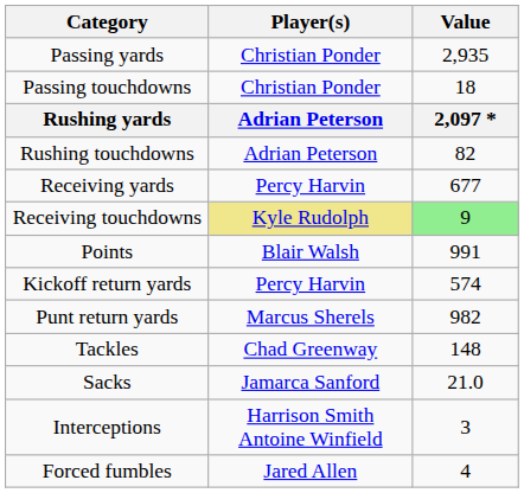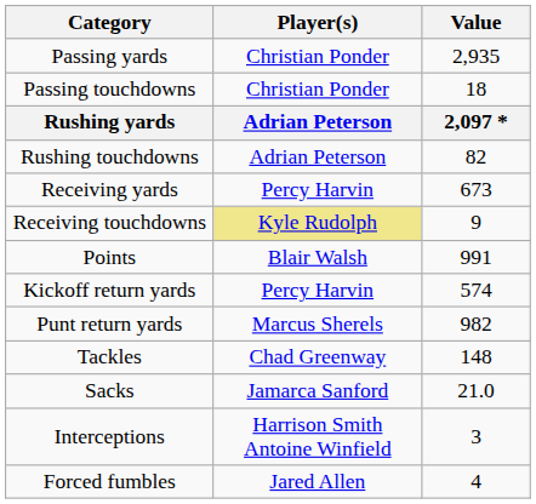 <table class="wikitable" style="text-align:center">
 <tr>
 <th width=150px>Category</th>
 <th width=150px>Player(s)</th>
 <th width=75px>Value</th>
 </tr>
 <tr>
 <td>Passing yards</td>
 <td><a href='#'>Christian Ponder</a></td>
 <td>2,935</td>
 </tr>
 <tr>
 <td>Passing touchdowns</td>
 <td><a href='#'>Christian Ponder</a></td>
 <td>18</td>
 </tr>
 <tr>
 <th>Rushing yards</th>
 <th><a href='#'>Adrian Peterson</a></th>
 <th>2,097 *</th>
 </tr>
 <tr>
 <td>Rushing touchdowns</td>
 <td><a href='#'>Adrian Peterson</a></td>
 <td>82</td>
 </tr>
 <tr>
 <td>Receiving yards</td>
 <td><a href='#'>Percy Harvin</a></td>
-<td>677</td>
+<td>673</td>
 </tr>
 <tr>
 <td>Receiving touchdowns</td>
 <td style="background: khaki;"><a href='#'>Kyle Rudolph</a></td>
-<td style="background: lightgreen;">9</td>
+<td>9</td>
 </tr>
 <tr>
 <td>Points</td>
 <td><a href='#'>Blair Walsh</a></td>
 <td>991</td>
 </tr>
 <tr>
 <td>Kickoff return yards</td>
 <td><a href='#'>Percy Harvin</a></td>
 <td>574</td>
 </tr>
 <tr>
 <td>Punt return yards</td>
 <td><a href='#'>Marcus Sherels</a></td>
 <td>982</td>
 </tr>
 <tr>
 <td>Tackles</td>
 <td><a href='#'>Chad Greenway</a></td>
 <td>148</td>
 </tr>
 <tr>
 <td>Sacks</td>
 <td><a href='#'>Jamarca Sanford</a></td>
 <td>21.0</td>
 </tr>
 <tr>
 <td>Interceptions</td>
 <td><a href='#'>Harrison Smith</a><br><a href='#'>Antoine Winfield</a></td>
 <td>3</td>
 </tr>
 <tr>
 <td>Forced fumbles</td>
 <td><a href='#'>Jared Allen</a></td>
 <td>4</td>
 </tr>
 </table>
